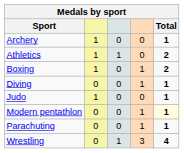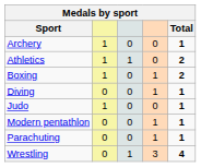 <table class="wikitable" style="font-size:90%; text-align:center;">
 <tr>
 <th colspan="5">Medals by sport</th>
 </tr>
 <tr>
 <th width="120">Sport</th>
 <th scope="col" width="30" style="background:#F7F6A8;"></th>
 <th scope="col" width="30" style="background:#DCE5E5;"></th>
 <th scope="col" width="30" style="background:#FFDAB9;"></th>
 <th width="30">Total</th>
 </tr>
 <tr>
 <td align="left"><a href='#'>Archery</a></td>
 <td style="background:#F7F6A8;">1</td>
 <td style="background:#DCE5E5;">0</td>
 <td style="background:#FFDAB9;">0</td>
 <td><strong>1</strong></td>
 </tr>
 <tr>
 <td align="left"><a href='#'>Athletics</a></td>
 <td style="background:#F7F6A8;">1</td>
 <td style="background:#DCE5E5;">1</td>
 <td style="background:#FFDAB9;">0</td>
 <td><strong>2</strong></td>
 </tr>
 <tr>
 <td align="left"><a href='#'>Boxing</a></td>
 <td style="background:#F7F6A8;">1</td>
 <td style="background:#DCE5E5;">0</td>
 <td style="background:#FFDAB9;">1</td>
 <td><strong>2</strong></td>
 </tr>
 <tr>
 <td align="left"><a href='#'>Diving</a></td>
 <td style="background:#F7F6A8;">0</td>
 <td style="background:#DCE5E5;">0</td>
 <td style="background:#FFDAB9;">1</td>
 <td><strong>1</strong></td>
 </tr>
 <tr>
 <td align="left"><a href='#'>Judo</a></td>
 <td style="background:#F7F6A8;">1</td>
 <td style="background:#DCE5E5;">0</td>
 <td style="background:#FFDAB9;">0</td>
 <td><strong>1</strong></td>
 </tr>
 <tr>
 <td align="left"><a href='#'>Modern pentathlon</a></td>
 <td style="background:#F7F6A8;">0</td>
 <td style="background:#DCE5E5;">0</td>
 <td style="background:#FFDAB9;">1</td>
-<td style="background: lightyellow;"><strong>1</strong></td>
+<td><strong>1</strong></td>
 </tr>
 <tr>
 <td align="left"><a href='#'>Parachuting</a></td>
 <td style="background:#F7F6A8;">0</td>
 <td style="background:#DCE5E5;">0</td>
 <td style="background:#FFDAB9;">1</td>
 <td><strong>1</strong></td>
 </tr>
 <tr>
 <td align="left"><a href='#'>Wrestling</a></td>
 <td style="background:#F7F6A8;">0</td>
 <td style="background:#DCE5E5;">1</td>
 <td style="background:#FFDAB9;">3</td>
 <td><strong>4</strong></td>
 </tr>
 </table>
